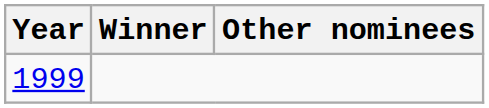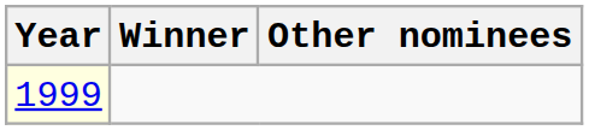 <table class="wikitable">
 <tr>
 <th>Year</th>
 <th>Winner</th>
 <th>Other nominees</th>
 </tr>
 <tr>
-<td><a href='#'>1999</a></td>
+<td style="background: lightyellow;"><a href='#'>1999</a></td>
 <td colspan=2></td>
 </tr>
 </table>
